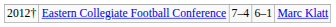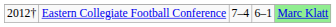 <table class="wikitable">
 <tr>
 </tr>
 <tr>
 <td>2012†</td>
 <td><a href='#'>Eastern Collegiate Football Conference</a></td>
 <td>7–4</td>
 <td>6–1</td>
-<td><a href='#'>Marc Klatt</a></td>
+<td style="background: lightgreen;"><a href='#'>Marc Klatt</a></td>
 </tr>
 </table>
